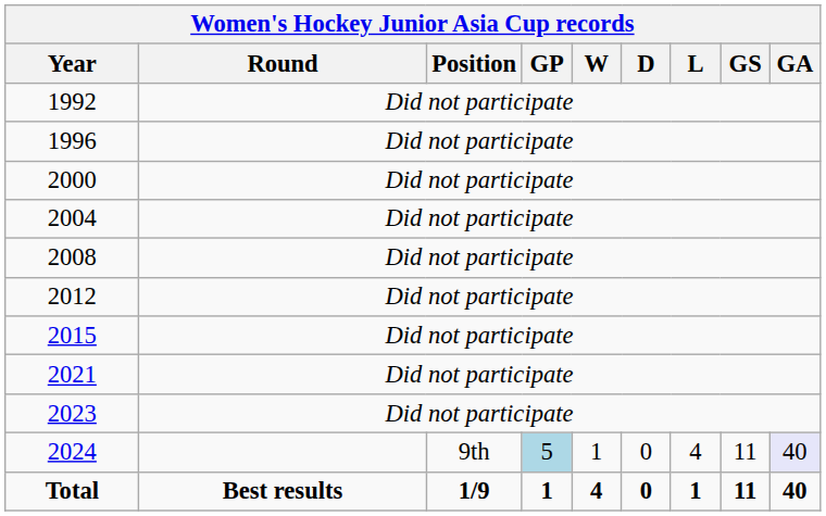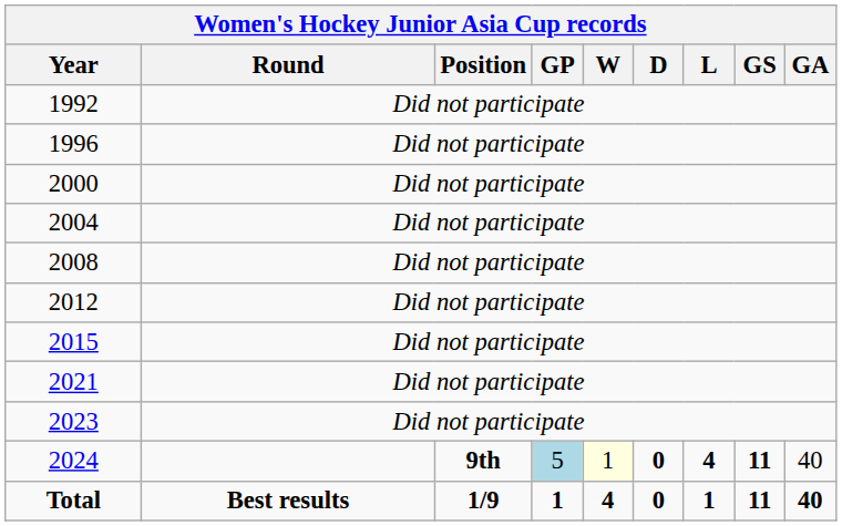 <table class="wikitable" style="text-align: center">
 <tr>
 <th colspan=9><a href='#'>Women's Hockey Junior Asia Cup records</a></th>
 </tr>
 <tr>
 <th width=80>Year</th>
 <th width=180>Round</th>
 <th>Position</th>
 <th width=25>GP</th>
 <th width=25>W</th>
 <th width=25>D</th>
 <th width=25>L</th>
 <th width=25>GS</th>
 <th width=25>GA</th>
 </tr>
 <tr>
 <td> 1992</td>
 <td colspan=8><em>Did not participate</em></td>
 </tr>
 <tr>
 <td> 1996</td>
 <td colspan=8><em>Did not participate</em></td>
 </tr>
 <tr>
 <td> 2000</td>
 <td colspan=8><em>Did not participate</em></td>
 </tr>
 <tr>
 <td> 2004</td>
 <td colspan=8><em>Did not participate</em></td>
 </tr>
 <tr>
 <td> 2008</td>
 <td colspan=8><em>Did not participate</em></td>
 </tr>
 <tr>
 <td> 2012</td>
 <td colspan=8><em>Did not participate</em></td>
 </tr>
 <tr>
 <td> <a href='#'>2015</a></td>
 <td colspan=8><em>Did not participate</em></td>
 </tr>
 <tr>
 <td> <a href='#'>2021</a></td>
 <td colspan=8><em>Did not participate</em></td>
 </tr>
 <tr>
 <td> <a href='#'>2023</a></td>
 <td colspan=8><em>Did not participate</em></td>
 </tr>
 <tr>
 <td> <a href='#'>2024</a></td>
 <td></td>
-<td>9th</td>
+<td><strong>9th</strong></td>
 <td style="background: lightblue;">5</td>
-<td>1</td>
-<td>0</td>
-<td>4</td>
-<td>11</td>
-<td style="background: lavender;">40</td>
+<td style="background: lightyellow;">1</td>
+<td><strong>0</strong></td>
+<td><strong>4</strong></td>
+<td><strong>11</strong></td>
+<td>40</td>
 </tr>
 <tr>
 <td><strong>Total</strong></td>
 <td><strong>Best results</strong></td>
 <td><strong>1/9</strong></td>
 <td><strong>1</strong></td>
 <td><strong>4</strong></td>
 <td><strong>0</strong></td>
 <td><strong>1</strong></td>
 <td><strong>11</strong></td>
 <td><strong>40</strong></td>
 </tr>
 </table>
